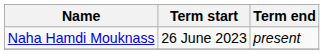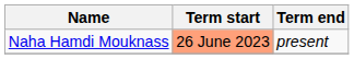 <table class="wikitable" style="font-size:95%;">
 <tr>
 <th>Name</th>
 <th>Term start</th>
 <th>Term end</th>
 </tr>
 <tr>
 <td><a href='#'>Naha Hamdi Mouknass</a></td>
-<td>26 June 2023</td>
+<td style="background: lightsalmon;">26 June 2023</td>
 <td><em>present</em></td>
 </tr>
 <tr>
 </tr>
 </table>
